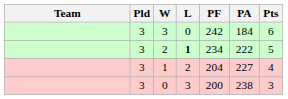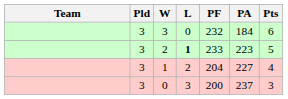 <table class="wikitable" style="text-align:center;">
 <tr>
 <th width=170>Team</th>
 <th width=25>Pld</th>
 <th width=25>W</th>
 <th width=25>L</th>
 <th width=35>PF</th>
 <th width=35>PA</th>
 <th width=25>Pts</th>
 </tr>
 <tr bgcolor=#ccffcc>
 <td align="left"></td>
 <td>3</td>
 <td>3</td>
 <td>0</td>
-<td>242</td>
+<td>232</td>
 <td>184</td>
 <td>6</td>
 </tr>
 <tr bgcolor=#ccffcc>
 <td align="left"></td>
 <td>3</td>
 <td>2</td>
 <td><strong>1</strong></td>
-<td>234</td>
-<td>222</td>
+<td>233</td>
+<td>223</td>
 <td>5</td>
 </tr>
 <tr bgcolor=#ffcccc>
 <td align="left"></td>
 <td>3</td>
 <td>1</td>
 <td>2</td>
 <td>204</td>
 <td>227</td>
 <td>4</td>
 </tr>
 <tr bgcolor=#ffcccc>
 <td align="left"></td>
 <td>3</td>
 <td>0</td>
 <td>3</td>
 <td>200</td>
-<td>238</td>
+<td>237</td>
 <td>3</td>
 </tr>
 </table>
